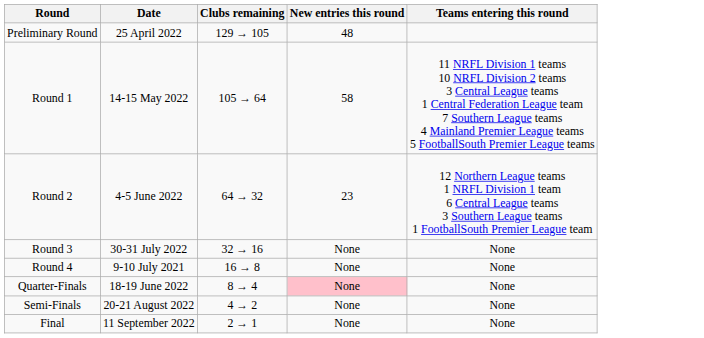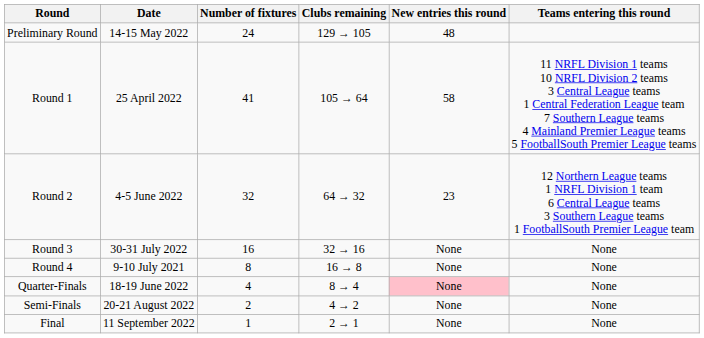 <table class="wikitable plainrowheaders" style="text-align:center">
 <tr>
 <th scope="col">Round</th>
 <th scope="col">Date</th>
+<th scope="col">Number of fixtures</th>
 <th scope="col">Clubs remaining</th>
 <th scope="col">New entries this round</th>
 <th scope="col">Teams entering this round</th>
 </tr>
 <tr>
 <td>Preliminary Round</td>
-<td>25 April 2022</td>
+<td>14-15 May 2022</td>
+<td>24</td>
 <td>129 → 105</td>
 <td>48</td>
 <td></td>
 </tr>
 <tr>
 <td>Round 1</td>
-<td>14-15 May 2022</td>
+<td>25 April 2022</td>
+<td>41</td>
 <td>105 → 64</td>
 <td>58</td>
 <td><br>11 <a href='#'>NRFL Division 1</a> teams<br> 10 <a href='#'>NRFL Division 2</a> teams<br> 3 <a href='#'>Central League</a> teams<br> 1 <a href='#'>Central Federation League</a> team<br> 7 <a href='#'>Southern League</a> teams<br> 4 <a href='#'>Mainland Premier League</a> teams<br> 5 <a href='#'>FootballSouth Premier League</a> teams</td>
 </tr>
 <tr>
 <td>Round 2</td>
 <td>4-5 June 2022</td>
+<td>32</td>
 <td>64 → 32</td>
 <td>23</td>
 <td><br>12 <a href='#'>Northern League</a> teams<br> 1 <a href='#'>NRFL Division 1</a> team<br> 6 <a href='#'>Central League</a> teams<br> 3 <a href='#'>Southern League</a> teams<br> 1 <a href='#'>FootballSouth Premier League</a> team</td>
 </tr>
 <tr>
 <td>Round 3</td>
 <td>30-31 July 2022</td>
+<td>16</td>
 <td>32 → 16</td>
 <td>None</td>
 <td>None</td>
 </tr>
 <tr>
 <td>Round 4</td>
 <td>9-10 July 2021</td>
+<td>8</td>
 <td>16 → 8</td>
 <td>None</td>
 <td>None</td>
 </tr>
 <tr>
 <td>Quarter-Finals</td>
 <td>18-19 June 2022</td>
+<td>4</td>
 <td>8 → 4</td>
 <td style="background: pink;">None</td>
 <td>None</td>
 </tr>
 <tr>
 <td>Semi-Finals</td>
 <td>20-21 August 2022</td>
+<td>2</td>
 <td>4 → 2</td>
 <td>None</td>
 <td>None</td>
 </tr>
 <tr>
 <td>Final</td>
 <td>11 September 2022</td>
+<td>1</td>
 <td>2 → 1</td>
 <td>None</td>
 <td>None</td>
 </tr>
 </table>
